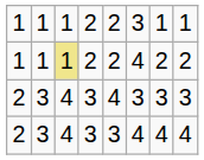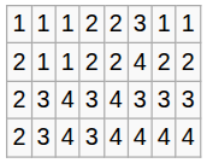 <table class="wikitable" style="margin:1em auto;">
 <tr>
 <td>1</td>
 <td>1</td>
 <td>1</td>
 <td>2</td>
 <td>2</td>
 <td>3</td>
 <td>1</td>
 <td>1</td>
 </tr>
 <tr>
+<td>2</td>
 <td>1</td>
 <td>1</td>
-<td style="background: khaki;">1</td>
 <td>2</td>
 <td>2</td>
 <td>4</td>
 <td>2</td>
 <td>2</td>
 </tr>
 <tr>
 <td>2</td>
 <td>3</td>
 <td>4</td>
 <td>3</td>
 <td>4</td>
 <td>3</td>
 <td>3</td>
 <td>3</td>
 </tr>
 <tr>
 <td>2</td>
 <td>3</td>
 <td>4</td>
 <td>3</td>
-<td>3</td>
+<td>4</td>
 <td>4</td>
 <td>4</td>
 <td>4</td>
 </tr>
 </table>
